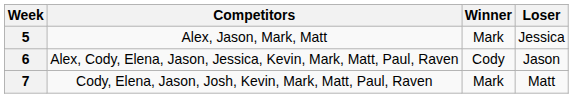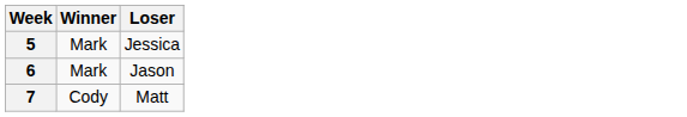 <table class="wikitable" style="text-align:center;">
 <tr>
 <th scope="col">Week</th>
-<th scope="col">Competitors</th>
 <th scope="col">Winner</th>
 <th scope="col">Loser</th>
 </tr>
 <tr>
 <th scope="row">5</th>
-<td>Alex, Jason, Mark, Matt</td>
 <td>Mark</td>
 <td>Jessica</td>
 </tr>
 <tr>
 <th scope="row">6</th>
-<td>Alex, Cody, Elena, Jason, Jessica, Kevin, Mark, Matt, Paul, Raven</td>
-<td>Cody</td>
+<td>Mark</td>
 <td>Jason</td>
 </tr>
 <tr>
 <th scope="row">7</th>
-<td>Cody, Elena, Jason, Josh, Kevin, Mark, Matt, Paul, Raven</td>
-<td>Mark</td>
+<td>Cody</td>
 <td>Matt</td>
 </tr>
 </table>
